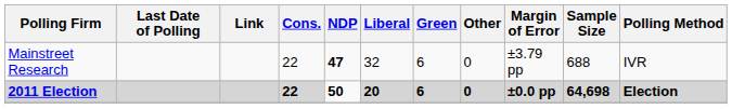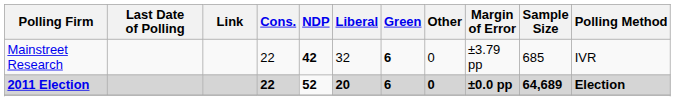 <table class="wikitable sortable">
 <tr style="background:#e9e9e9;">
 <th style="width:120px">Polling Firm</th>
 <th style="width:110px">Last Date<br>of Polling</th>
 <th style="width:60px" class="unsortable">Link</th>
 <th style="background-color:"><strong><a href='#'>Cons.</a></strong></th>
 <th style="background-color:"><strong><a href='#'>NDP</a></strong></th>
 <th style="background-color:"><strong><a href='#'>Liberal</a></strong></th>
 <th style="background-color:"><strong><a href='#'>Green</a></strong></th>
 <th style="background-color:"><strong>Other</strong></th>
 <th style="width:60px;" class=unsortable>Margin<br>of Error</th>
 <th style="width:50px;" class=unsortable>Sample<br>Size</th>
 <th class=unsortable>Polling Method</th>
 </tr>
 <tr>
 <td><a href='#'>Mainstreet Research</a></td>
 <td></td>
 <td></td>
 <td>22</td>
-<td><strong>47</strong></td>
+<td><strong>42</strong></td>
 <td>32</td>
-<td>6</td>
+<td><strong>6</strong></td>
 <td>0</td>
 <td>±3.79 pp</td>
-<td>688</td>
+<td>685</td>
 <td>IVR</td>
 </tr>
 <tr>
 <td style="background:#D5D5D5"><strong><a href='#'>2011 Election</a></strong></td>
 <td style="background:#D5D5D5"><strong></strong></td>
 <td style="background:#D5D5D5"></td>
 <td style="background:#D5D5D5"><strong>22</strong></td>
-<td><strong>50</strong></td>
+<td><strong>52</strong></td>
 <td style="background:#D5D5D5"><strong>20</strong></td>
 <td style="background:#D5D5D5"><strong>6</strong></td>
 <td style="background:#D5D5D5"><strong>0</strong></td>
 <td style="background:#D5D5D5"><strong>±0.0 pp</strong></td>
-<td style="background:#D5D5D5"><strong>64,698</strong></td>
+<td style="background:#D5D5D5"><strong>64,689</strong></td>
 <td style="background:#D5D5D5"><strong>Election</strong></td>
 </tr>
 <tr>
 </tr>
 <tr>
 </tr>
 </table>
